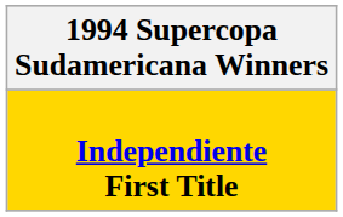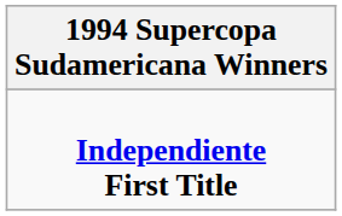 <table class="wikitable" style="text-align: center; margin: 0 auto;">
 <tr>
 <th>1994 Supercopa<br>Sudamericana Winners</th>
 </tr>
 <tr>
-<td style="background: gold;"><br><strong><a href='#'>Independiente</a></strong><br><strong>First Title</strong></td>
+<td><br><strong><a href='#'>Independiente</a></strong><br><strong>First Title</strong></td>
 </tr>
 </table>
